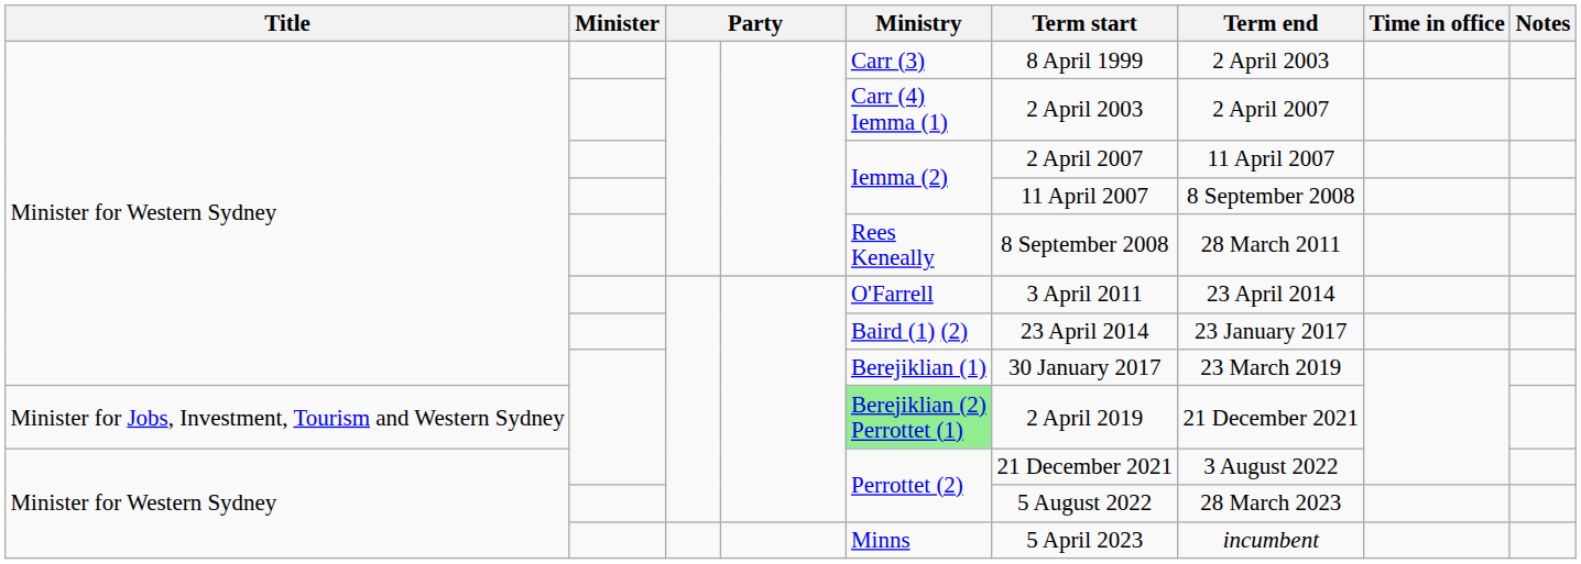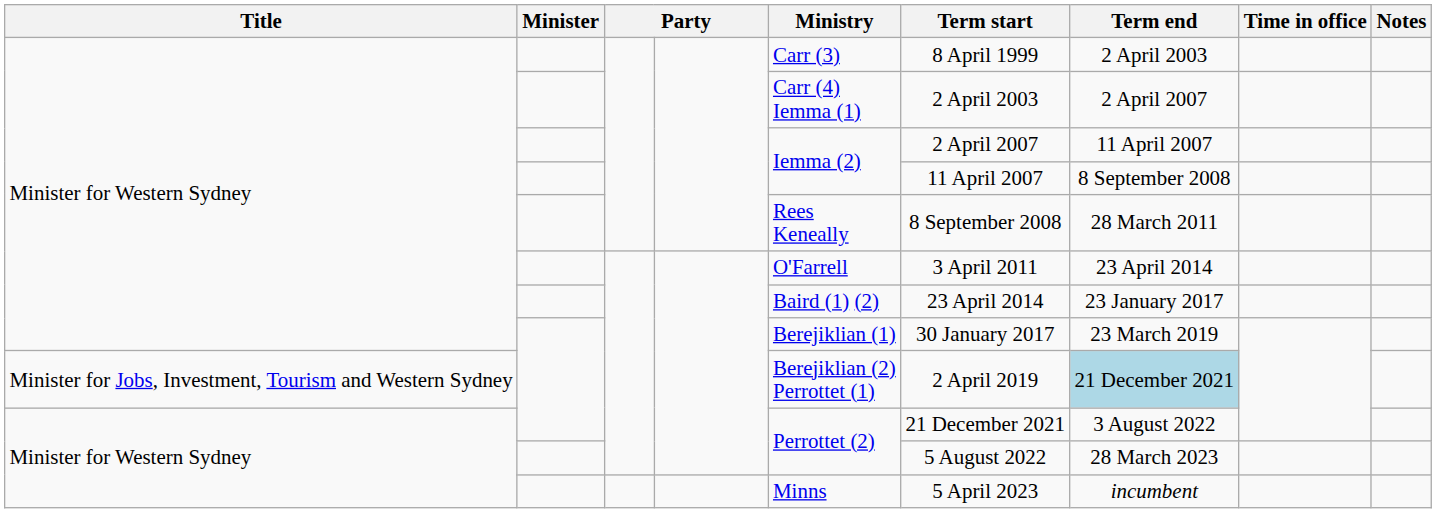 <table class="wikitable sortable">
 <tr>
 <th>Title</th>
 <th>Minister</th>
 <th colspan=2>Party</th>
 <th>Ministry</th>
 <th>Term start</th>
 <th>Term end</th>
 <th>Time in office</th>
 <th class="unsortable">Notes</th>
 </tr>
 <tr>
 <td rowspan=8>Minister for Western Sydney</td>
 <td></td>
 <td rowspan=5 > </td>
 <td rowspan=5 width=8%></td>
 <td><a href='#'>Carr (3)</a></td>
 <td align=center>8 April 1999</td>
 <td align=center>2 April 2003</td>
 <td align=right></td>
 <td></td>
 </tr>
 <tr>
 <td></td>
 <td><a href='#'>Carr (4)</a><br><a href='#'>Iemma (1)</a></td>
 <td align=center>2 April 2003</td>
 <td align=center>2 April 2007</td>
 <td align=right></td>
 <td></td>
 </tr>
 <tr>
 <td></td>
 <td rowspan=2><a href='#'>Iemma (2)</a></td>
 <td align=center>2 April 2007</td>
 <td align=center>11 April 2007</td>
 <td align=right></td>
 <td></td>
 </tr>
 <tr>
 <td></td>
 <td align=center>11 April 2007</td>
 <td align=center>8 September 2008</td>
 <td align=right></td>
 <td></td>
 </tr>
 <tr>
 <td></td>
 <td><a href='#'>Rees</a><br><a href='#'>Keneally</a></td>
 <td align=center>8 September 2008</td>
 <td align=center>28 March 2011</td>
 <td align=right></td>
 <td></td>
 </tr>
 <tr>
 <td></td>
 <td rowspan=6 > </td>
 <td rowspan=6></td>
 <td><a href='#'>O'Farrell</a></td>
 <td align=center>3 April 2011</td>
 <td align=center>23 April 2014</td>
 <td align=right></td>
 <td></td>
 </tr>
 <tr>
 <td></td>
 <td><a href='#'>Baird (1)</a> <a href='#'>(2)</a></td>
 <td align=center>23 April 2014</td>
 <td align=center>23 January 2017</td>
 <td align=right></td>
 <td></td>
 </tr>
 <tr>
 <td rowspan=3></td>
 <td><a href='#'>Berejiklian (1)</a></td>
 <td align=center>30 January 2017</td>
 <td align=center>23 March 2019</td>
 <td rowspan=3 align=right><strong></strong></td>
 <td></td>
 </tr>
 <tr>
 <td>Minister for <a href='#'>Jobs</a>, Investment, <a href='#'>Tourism</a> and Western Sydney</td>
-<td style="background: lightgreen;"><a href='#'>Berejiklian (2)</a><br><a href='#'>Perrottet (1)</a></td>
+<td><a href='#'>Berejiklian (2)</a><br><a href='#'>Perrottet (1)</a></td>
 <td align=center>2 April 2019</td>
-<td align=center>21 December 2021</td>
+<td align=center style="background: lightblue;">21 December 2021</td>
 <td></td>
 </tr>
 <tr>
 <td rowspan="3">Minister for Western Sydney</td>
 <td rowspan="2"><a href='#'>Perrottet (2)</a></td>
 <td align=center>21 December 2021</td>
 <td align=center>3 August 2022</td>
 <td></td>
 </tr>
 <tr>
 <td></td>
 <td align=center>5 August 2022</td>
 <td align=center>28 March 2023</td>
 <td align=right></td>
 <td></td>
 </tr>
 <tr>
 <td></td>
 <td> </td>
 <td></td>
 <td><a href='#'>Minns</a></td>
 <td align=center>5 April 2023</td>
 <td align=center><em>incumbent</em></td>
 <td align=right></td>
 <td></td>
 </tr>
 </table>
